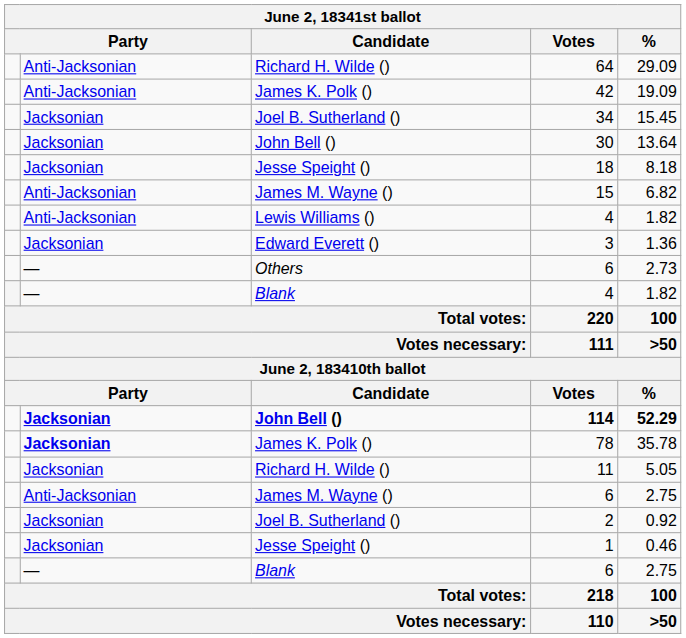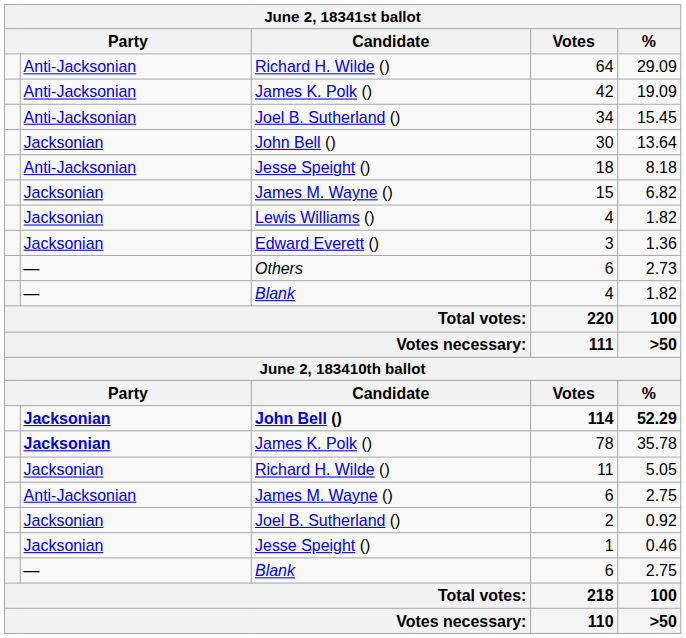 <table class="wikitable" style="margin-right:1em; font-size:95%">
 <tr>
 <th colspan=5 style="font-size:95%">June 2, 18341st ballot</th>
 </tr>
 <tr>
 <th scope="col" colspan="2" style="width: 15em">Party</th>
 <th scope="col" style="width: 17em">Candidate</th>
 <th scope="col" style="width: 5em">Votes</th>
 <th scope="col" style="width: 3.5em">%</th>
 </tr>
 <tr>
 <td style="width: 0.5em; background:"></td>
 <td><a href='#'>Anti-Jacksonian</a></td>
 <td><a href='#'>Richard H. Wilde</a> ()</td>
 <td style="text-align:right">64</td>
 <td style="text-align:right">29.09</td>
 </tr>
 <tr>
 <td style="background:"></td>
 <td><a href='#'>Anti-Jacksonian</a></td>
 <td><a href='#'>James K. Polk</a> ()</td>
 <td style="text-align:right">42</td>
 <td style="text-align:right">19.09</td>
 </tr>
 <tr>
 <td style="background:"></td>
-<td><a href='#'>Jacksonian</a></td>
+<td><a href='#'>Anti-Jacksonian</a></td>
 <td><a href='#'>Joel B. Sutherland</a> ()</td>
 <td style="text-align:right">34</td>
 <td style="text-align:right">15.45</td>
 </tr>
 <tr>
 <td style="background:"></td>
 <td><a href='#'>Jacksonian</a></td>
 <td><a href='#'>John Bell</a> ()</td>
 <td style="text-align:right">30</td>
 <td style="text-align:right">13.64</td>
 </tr>
 <tr>
 <td style="background:"></td>
-<td><a href='#'>Jacksonian</a></td>
+<td><a href='#'>Anti-Jacksonian</a></td>
 <td><a href='#'>Jesse Speight</a> ()</td>
 <td style="text-align:right">18</td>
 <td style="text-align:right">8.18</td>
 </tr>
 <tr>
 <td style="background:"></td>
-<td><a href='#'>Anti-Jacksonian</a></td>
+<td><a href='#'>Jacksonian</a></td>
 <td><a href='#'>James M. Wayne</a> ()</td>
 <td style="text-align:right">15</td>
 <td style="text-align:right">6.82</td>
 </tr>
 <tr>
 <td style="background:"></td>
-<td><a href='#'>Anti-Jacksonian</a></td>
+<td><a href='#'>Jacksonian</a></td>
 <td><a href='#'>Lewis Williams</a> ()</td>
 <td style="text-align:right">4</td>
 <td style="text-align:right">1.82</td>
 </tr>
 <tr>
 <td style="background:"></td>
 <td><a href='#'>Jacksonian</a></td>
 <td><a href='#'>Edward Everett</a> ()</td>
 <td style="text-align:right">3</td>
 <td style="text-align:right">1.36</td>
 </tr>
 <tr>
 <td style="background:"></td>
 <td>—</td>
 <td><em>Others</em></td>
 <td style="text-align:right">6</td>
 <td style="text-align:right">2.73</td>
 </tr>
 <tr>
 <td style="background:#f5f5f5"></td>
 <td>—</td>
 <td><em><a href='#'>Blank</a></em></td>
 <td style="text-align:right">4</td>
 <td style="text-align:right">1.82</td>
 </tr>
 <tr>
 <th colspan=3 style="text-align:right">Total votes:</th>
 <td style="text-align:right; background:#f5f5f5"><strong>220</strong></td>
 <td style="text-align:right; background:#f5f5f5"><strong>100</strong></td>
 </tr>
 <tr>
 <th colspan=3 style="text-align:right">Votes necessary:</th>
 <td style="text-align:right; background:#f5f5f5"><strong>111</strong></td>
 <td style="text-align:right; background:#f5f5f5"><strong>>50</strong></td>
 </tr>
 <tr>
 <th colspan=5 style="font-size:95%">June 2, 183410th ballot</th>
 </tr>
 <tr>
 <th scope="col" colspan="2" style="width: 15em">Party</th>
 <th scope="col" style="width: 17em">Candidate</th>
 <th scope="col" style="width: 5em">Votes</th>
 <th scope="col" style="width: 3.5em">%</th>
 </tr>
 <tr>
 <td style="background:"></td>
 <td><strong><a href='#'>Jacksonian</a></strong></td>
 <td><strong><a href='#'>John Bell</a> ()</strong></td>
 <td style="text-align:right"><strong>114</strong></td>
 <td style="text-align:right"><strong>52.29</strong></td>
 </tr>
 <tr>
 <td style="background:"></td>
 <td><strong><a href='#'>Jacksonian</a></strong></td>
 <td><a href='#'>James K. Polk</a> ()</td>
 <td style="text-align:right">78</td>
 <td style="text-align:right">35.78</td>
 </tr>
 <tr>
 <td style="background:"></td>
 <td><a href='#'>Jacksonian</a></td>
 <td><a href='#'>Richard H. Wilde</a> ()</td>
 <td style="text-align:right">11</td>
 <td style="text-align:right">5.05</td>
 </tr>
 <tr>
 <td style="background:"></td>
 <td><a href='#'>Anti-Jacksonian</a></td>
 <td><a href='#'>James M. Wayne</a> ()</td>
 <td style="text-align:right">6</td>
 <td style="text-align:right">2.75</td>
 </tr>
 <tr>
 <td style="background:"></td>
 <td><a href='#'>Jacksonian</a></td>
 <td><a href='#'>Joel B. Sutherland</a> ()</td>
 <td style="text-align:right">2</td>
 <td style="text-align:right">0.92</td>
 </tr>
 <tr>
 <td style="background:"></td>
 <td><a href='#'>Jacksonian</a></td>
 <td><a href='#'>Jesse Speight</a> ()</td>
 <td style="text-align:right">1</td>
 <td style="text-align:right">0.46</td>
 </tr>
 <tr>
 <td style="background:#f5f5f5"></td>
 <td>—</td>
 <td><em><a href='#'>Blank</a></em></td>
 <td style="text-align:right">6</td>
 <td style="text-align:right">2.75</td>
 </tr>
 <tr>
 <th colspan=3 style="text-align:right">Total votes:</th>
 <td style="text-align:right; background:#f5f5f5"><strong>218</strong></td>
 <td style="text-align:right; background:#f5f5f5"><strong>100</strong></td>
 </tr>
 <tr>
 <th colspan=3 style="text-align:right">Votes necessary:</th>
 <td style="text-align:right; background:#f5f5f5"><strong>110</strong></td>
 <td style="text-align:right; background:#f5f5f5"><strong>>50</strong></td>
 </tr>
 </table>
